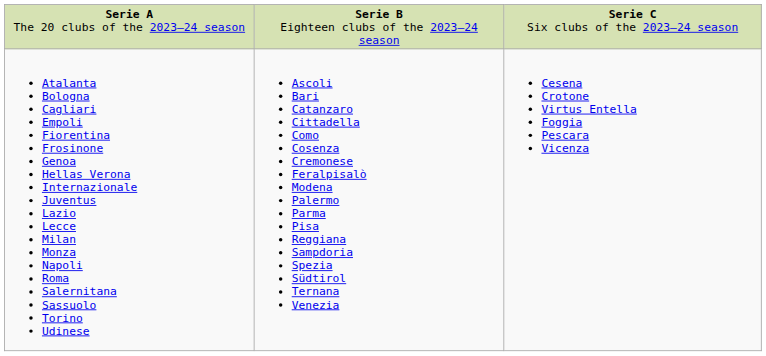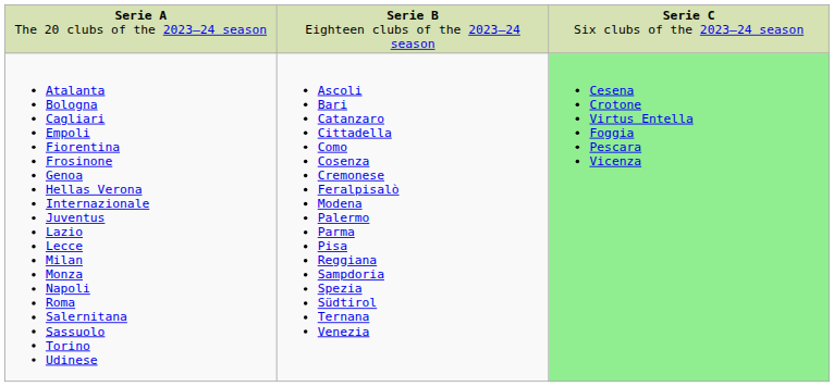 <table class="wikitable">
 <tr style="background:#D6E2B3; text-align:center; vertical-align:top;">
 <td style="width:33%"><strong>Serie A</strong><br>The 20 clubs of the <a href='#'>2023–24 season</a></td>
 <td style="width:33%"><strong>Serie B</strong><br>Eighteen clubs of the <a href='#'>2023–24 season</a></td>
 <td style="width:34%"><strong>Serie C</strong><br>Six clubs of the <a href='#'>2023–24 season</a></td>
 </tr>
 <tr style="vertical-align:top">
 <td><br><ul><li><a href='#'>Atalanta</a></li><li><a href='#'>Bologna</a></li><li><a href='#'>Cagliari</a></li><li><a href='#'>Empoli</a></li><li><a href='#'>Fiorentina</a></li><li><a href='#'>Frosinone</a></li><li><a href='#'>Genoa</a></li><li><a href='#'>Hellas Verona</a></li><li><a href='#'>Internazionale</a></li><li><a href='#'>Juventus</a></li><li><a href='#'>Lazio</a></li><li><a href='#'>Lecce</a></li><li><a href='#'>Milan</a></li><li><a href='#'>Monza</a></li><li><a href='#'>Napoli</a></li><li><a href='#'>Roma</a></li><li><a href='#'>Salernitana</a></li><li><a href='#'>Sassuolo</a></li><li><a href='#'>Torino</a></li><li><a href='#'>Udinese</a></li></ul></td>
 <td><br><ul><li><a href='#'>Ascoli</a></li><li><a href='#'>Bari</a></li><li><a href='#'>Catanzaro</a></li><li><a href='#'>Cittadella</a></li><li><a href='#'>Como</a></li><li><a href='#'>Cosenza</a></li><li><a href='#'>Cremonese</a></li><li><a href='#'>Feralpisalò</a></li><li><a href='#'>Modena</a></li><li><a href='#'>Palermo</a></li><li><a href='#'>Parma</a></li><li><a href='#'>Pisa</a></li><li><a href='#'>Reggiana</a></li><li><a href='#'>Sampdoria</a></li><li><a href='#'>Spezia</a></li><li><a href='#'>Südtirol</a></li><li><a href='#'>Ternana</a></li><li><a href='#'>Venezia</a></li></ul></td>
-<td><br><ul><li><a href='#'>Cesena</a></li><li><a href='#'>Crotone</a></li><li><a href='#'>Virtus Entella</a></li><li><a href='#'>Foggia</a></li><li><a href='#'>Pescara</a></li><li><a href='#'>Vicenza</a></li></ul></td>
+<td style="background: lightgreen;"><br><ul><li><a href='#'>Cesena</a></li><li><a href='#'>Crotone</a></li><li><a href='#'>Virtus Entella</a></li><li><a href='#'>Foggia</a></li><li><a href='#'>Pescara</a></li><li><a href='#'>Vicenza</a></li></ul></td>
 </tr>
 </table>
